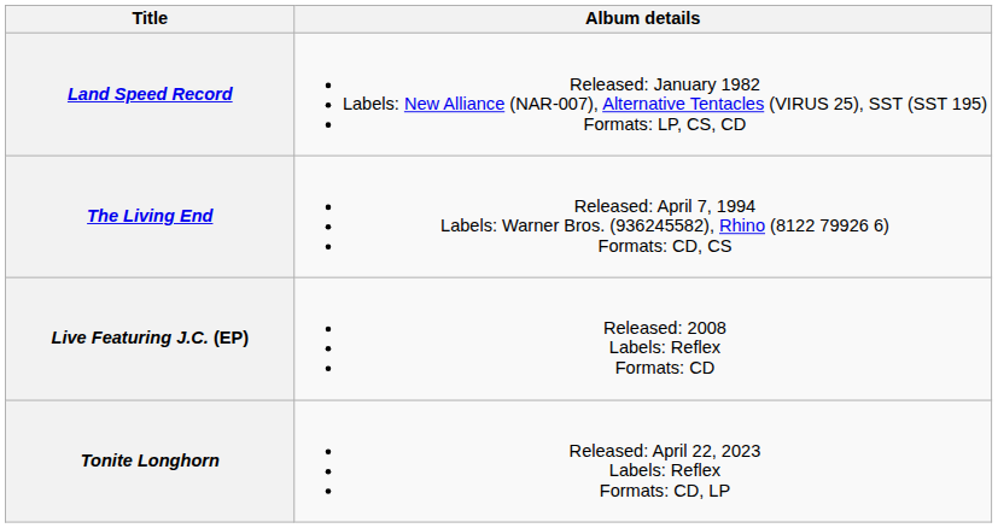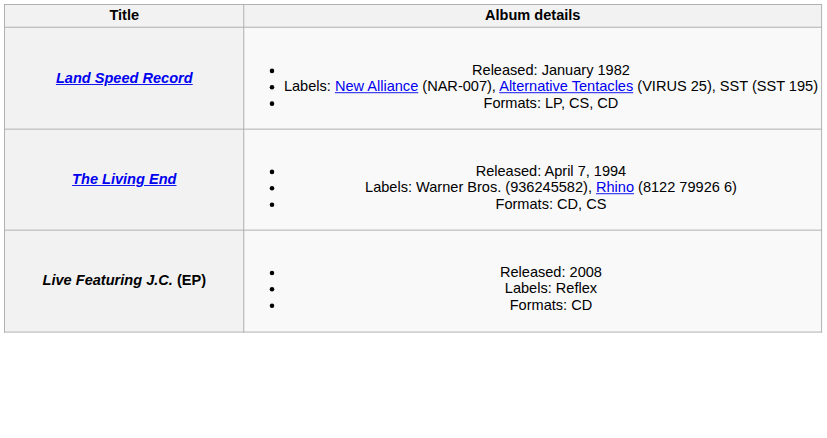 <table class="wikitable plainrowheaders" style="text-align:center;">
 <tr>
 <th scope="col" style="width:16em;">Title</th>
 <th scope="col" style="wdith:24em;">Album details</th>
 </tr>
 <tr>
 <th scope="row"><em><a href='#'>Land Speed Record</a></em></th>
 <td><br><ul><li>Released: January 1982</li><li>Labels: <a href='#'>New Alliance</a> (NAR-007), <a href='#'>Alternative Tentacles</a> (VIRUS 25), SST (SST 195)</li><li>Formats: LP, CS, CD</li></ul></td>
 </tr>
 <tr>
 <th scope="row"><em><a href='#'>The Living End</a></em></th>
 <td><br><ul><li>Released: April 7, 1994</li><li>Labels: Warner Bros. (936245582), <a href='#'>Rhino</a> (8122 79926 6)</li><li>Formats: CD, CS</li></ul></td>
 </tr>
 <tr>
 <th scope="row"><em>Live Featuring J.C.</em> (EP)</th>
 <td><br><ul><li>Released: 2008</li><li>Labels: Reflex</li><li>Formats: CD</li></ul></td>
 </tr>
-<tr>
-<th scope="row"><em>Tonite Longhorn</em></th>
-<td><br><ul><li>Released: April 22, 2023</li><li>Labels: Reflex</li><li>Formats: CD, LP</li></ul></td>
-</tr>
 </table>
